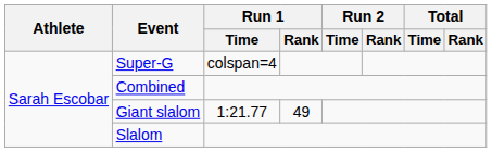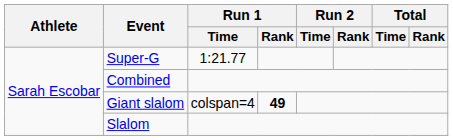 <table class="wikitable" style="font-size:90%">
 <tr>
 <th rowspan=2>Athlete</th>
 <th rowspan=2>Event</th>
 <th colspan=2>Run 1</th>
 <th colspan=2>Run 2</th>
 <th colspan=2>Total</th>
 </tr>
 <tr style="font-size:95%">
 <th>Time</th>
 <th>Rank</th>
 <th>Time</th>
 <th>Rank</th>
 <th>Time</th>
 <th>Rank</th>
 </tr>
 <tr align=center>
 <td align="left" rowspan="4"><a href='#'>Sarah Escobar</a></td>
 <td align="left"><a href='#'>Super-G</a></td>
-<td>colspan=4</td>
+<td>1:21.77</td>
 <td colspan=2></td>
 </tr>
 <tr align=center>
 <td align="left"><a href='#'>Combined</a></td>
 <td colspan=6></td>
 </tr>
 <tr align=center>
 <td align="left"><a href='#'>Giant slalom</a></td>
-<td>1:21.77</td>
-<td>49</td>
+<td>colspan=4</td>
+<td><strong>49</strong></td>
 <td colspan=4></td>
 </tr>
 <tr align=center>
 <td align="left"><a href='#'>Slalom</a></td>
 <td colspan=6></td>
 </tr>
 </table>
